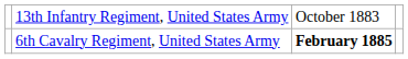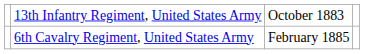 <table class="wikitable" style="background:white">
 <tr>
 <td></td>
 <td><a href='#'>13th Infantry Regiment</a>, <a href='#'>United States Army</a></td>
 <td>October 1883</td>
 </tr>
 <tr>
 <td></td>
 <td><a href='#'>6th Cavalry Regiment</a>, <a href='#'>United States Army</a></td>
-<td><strong>February 1885</strong></td>
+<td>February 1885</td>
 <td></td>
 </tr>
 </table>
